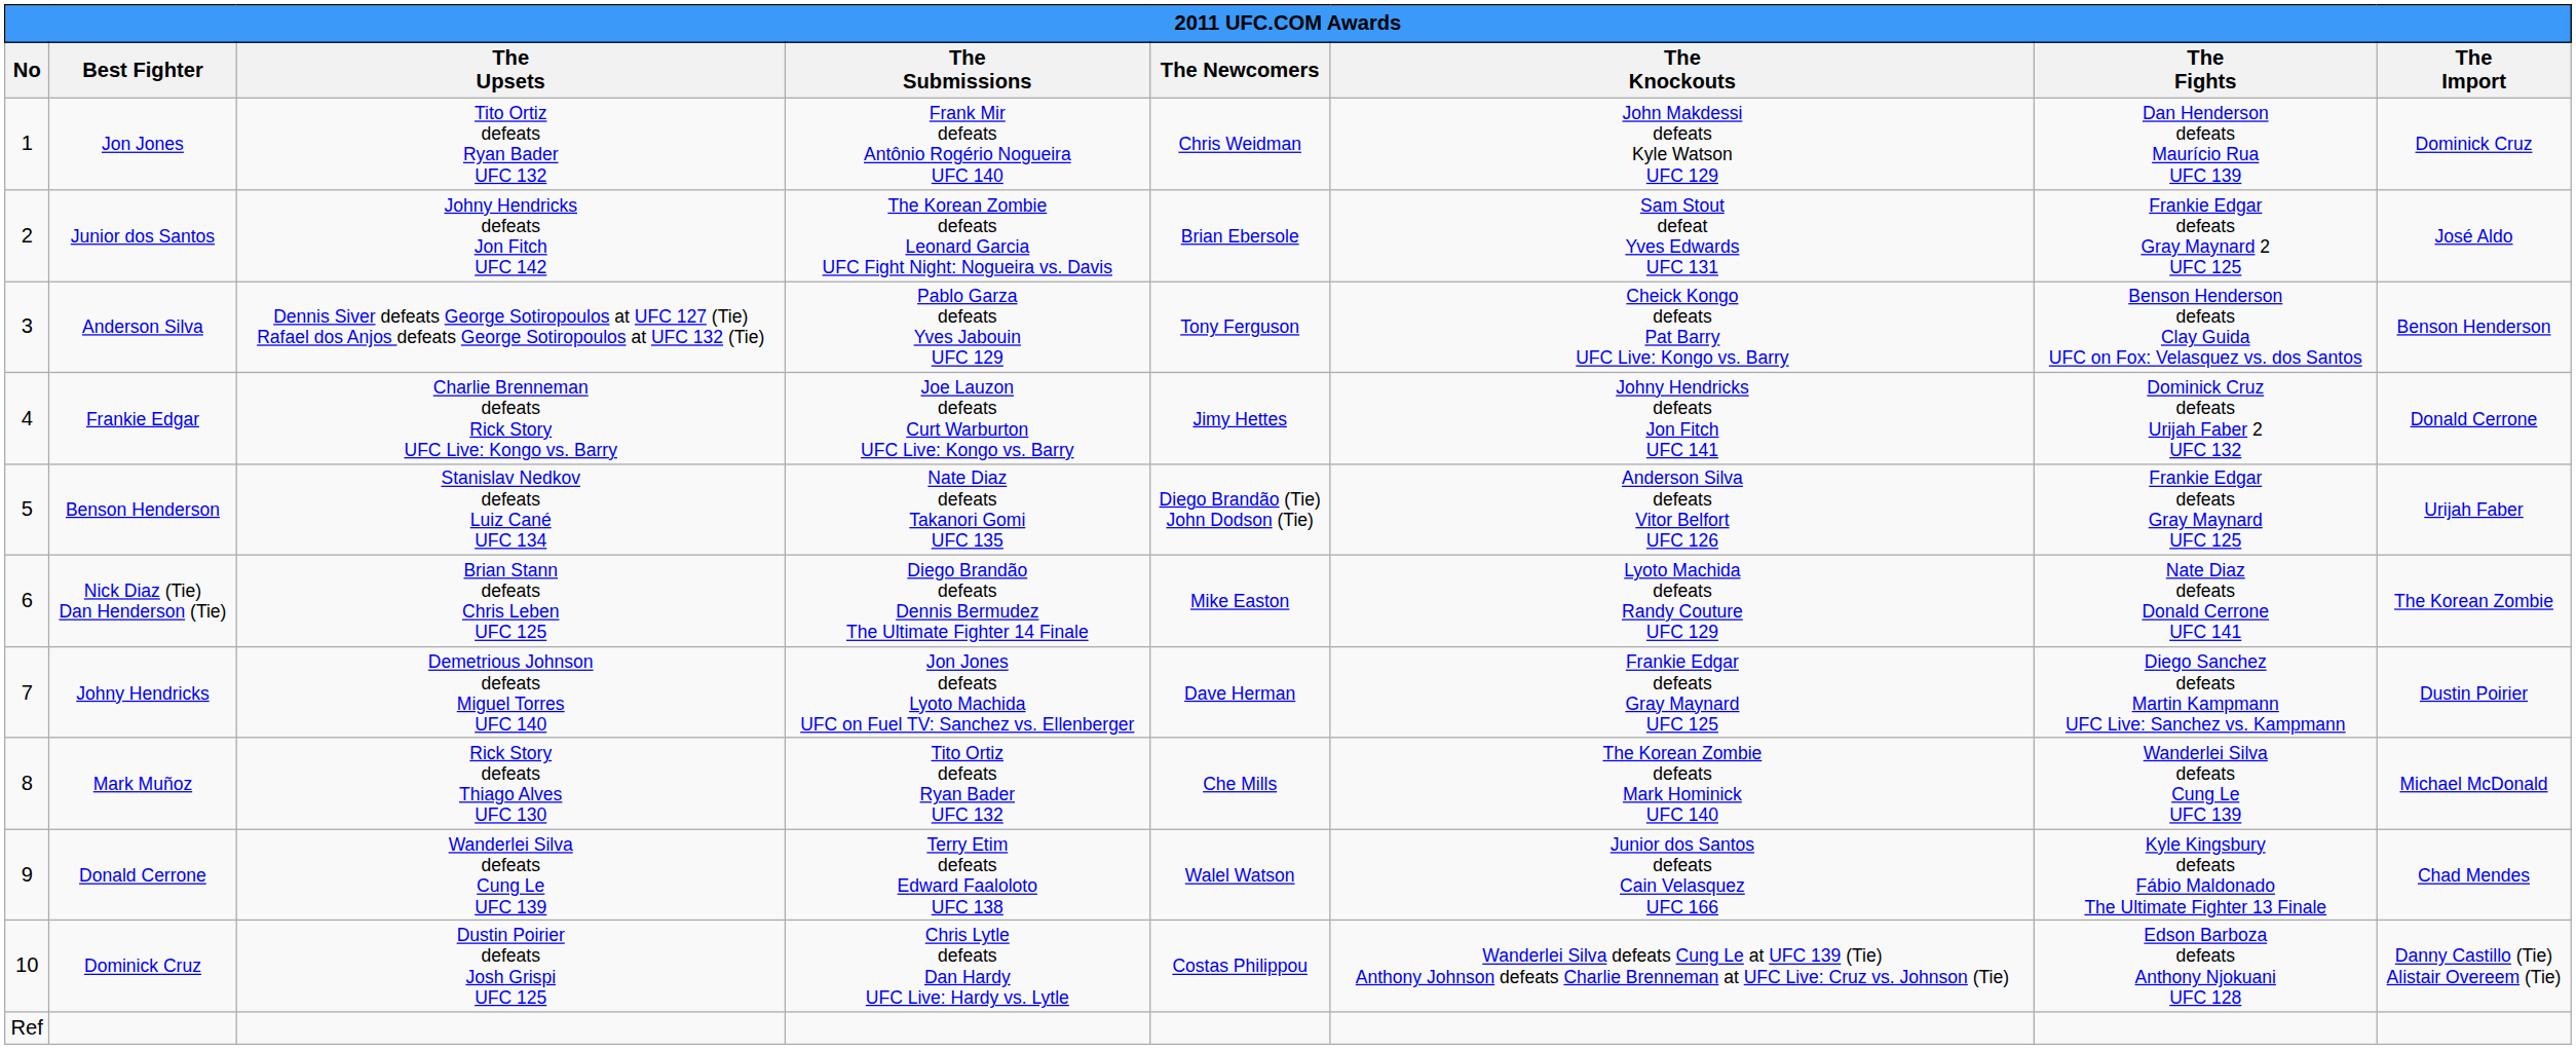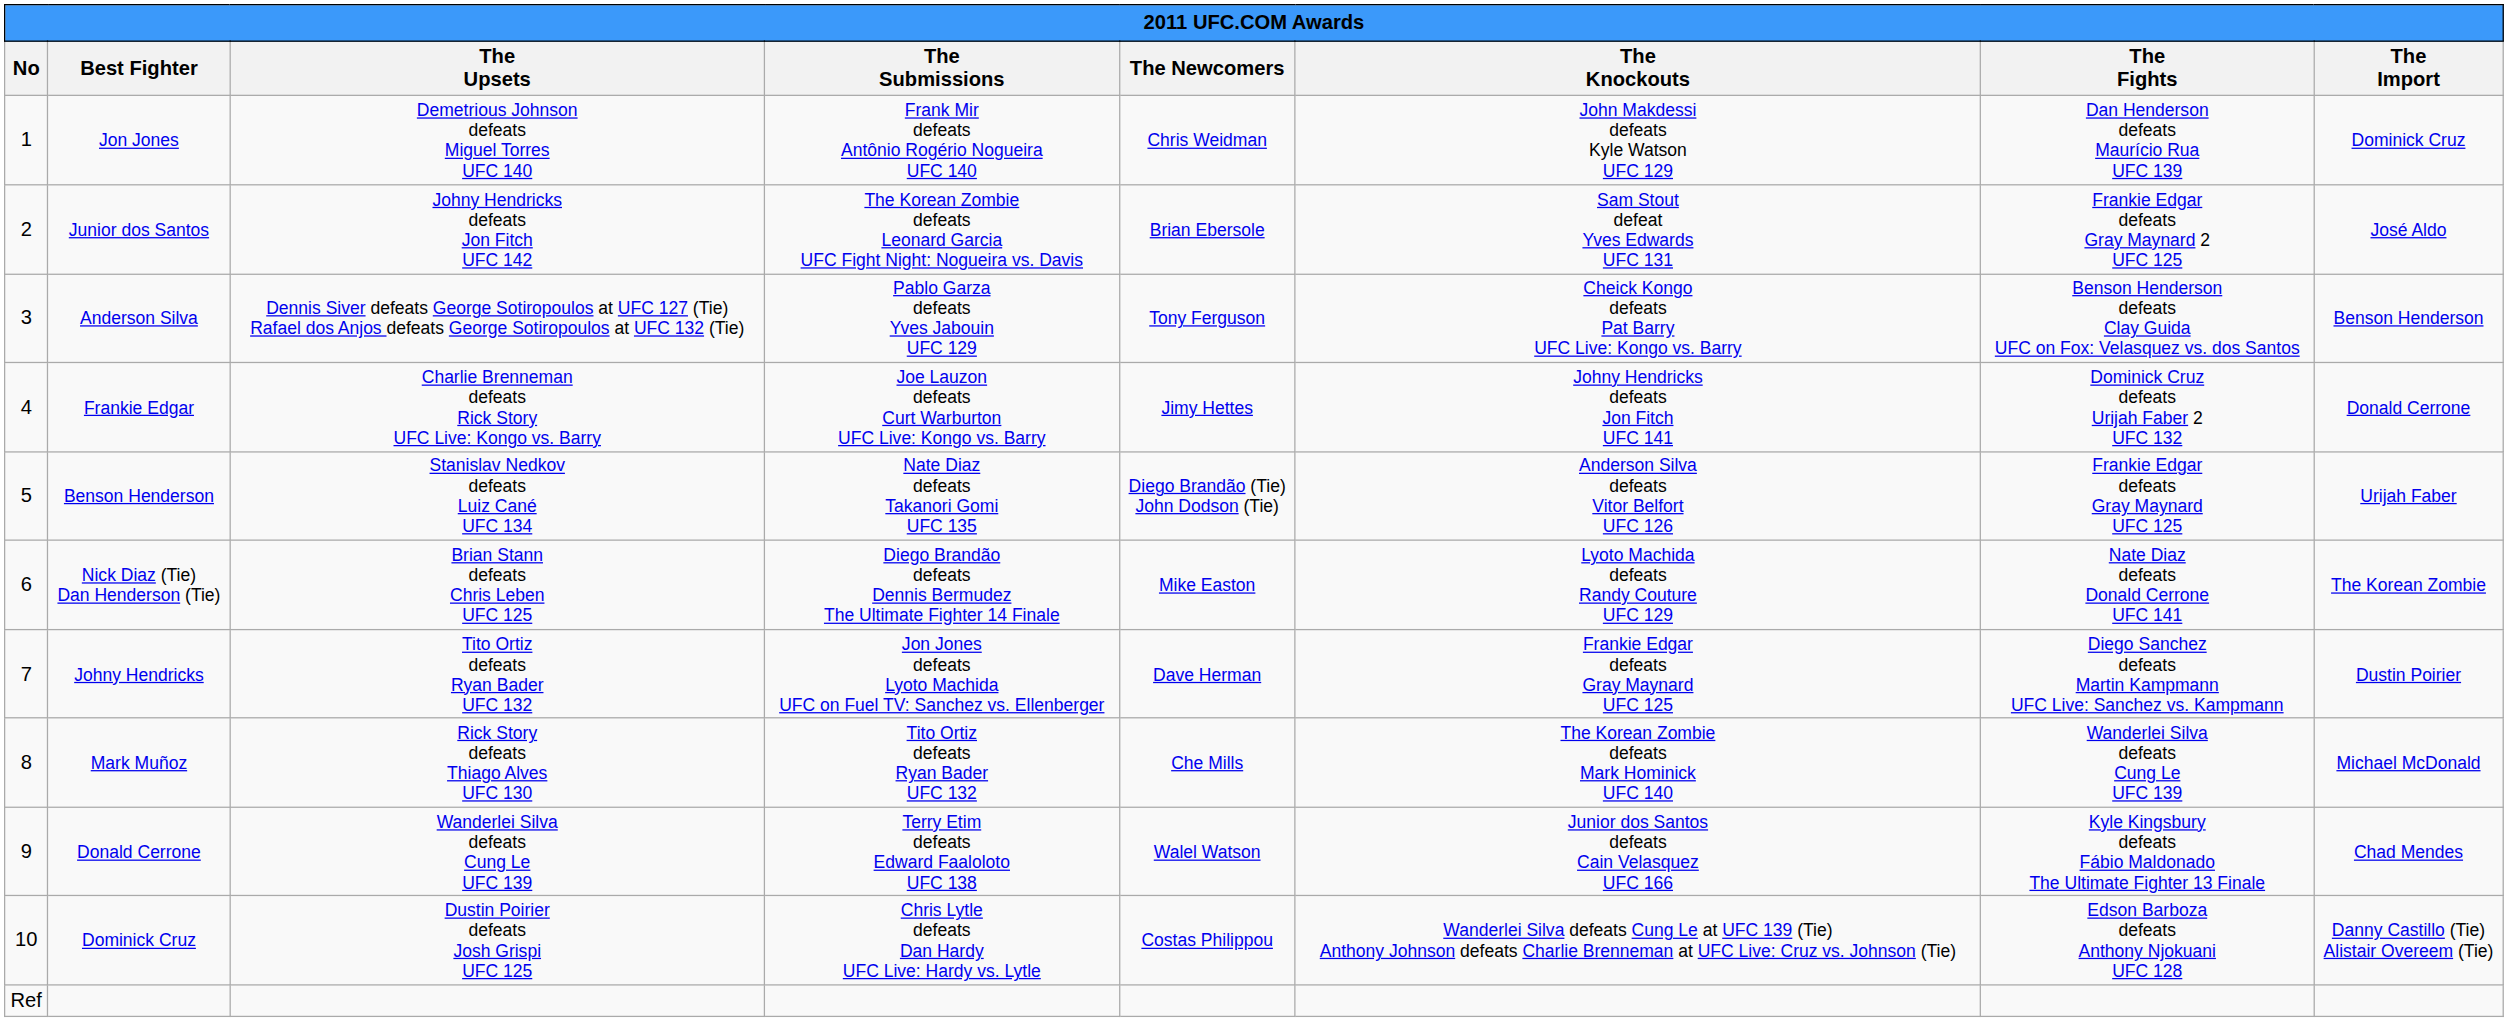 <table class="wikitable" width="100%" style="text-align:Center">
 <tr>
 <th colspan="8" style="border: 1px solid black; padding: 5px; background: #3B99FA;">2011 UFC.COM Awards</th>
 </tr>
 <tr>
 <th>No</th>
 <th>Best Fighter</th>
 <th>The<br>Upsets</th>
 <th>The<br>Submissions</th>
 <th>The Newcomers</th>
 <th>The<br>Knockouts</th>
 <th>The<br>Fights</th>
 <th>The<br>Import</th>
 </tr>
 <tr>
 <td>1</td>
 <td style="font-size:87%"><a href='#'>Jon Jones</a></td>
-<td style="font-size:87%"><a href='#'>Tito Ortiz</a> <br> defeats <br> <a href='#'>Ryan Bader</a> <br> <a href='#'>UFC 132</a></td>
+<td style="font-size:87%"><a href='#'>Demetrious Johnson</a> <br> defeats <br> <a href='#'>Miguel Torres</a> <br> <a href='#'>UFC 140</a></td>
 <td style="font-size:87%"><a href='#'>Frank Mir</a> <br> defeats <br> <a href='#'>Antônio Rogério Nogueira</a> <br> <a href='#'>UFC 140</a></td>
 <td style="font-size:87%"><a href='#'>Chris Weidman</a></td>
 <td style="font-size:87%"><a href='#'>John Makdessi</a> <br> defeats <br> Kyle Watson <br> <a href='#'>UFC 129</a></td>
 <td style="font-size:87%"><a href='#'>Dan Henderson</a> <br> defeats <br> <a href='#'>Maurício Rua</a> <br> <a href='#'>UFC 139</a></td>
 <td style="font-size:87%"><a href='#'>Dominick Cruz</a></td>
 </tr>
 <tr>
 <td>2</td>
 <td style="font-size:87%"><a href='#'>Junior dos Santos</a></td>
 <td style="font-size:87%"><a href='#'>Johny Hendricks</a> <br> defeats  <br> <a href='#'>Jon Fitch</a> <br> <a href='#'>UFC  142</a></td>
 <td style="font-size:87%"><a href='#'>The Korean Zombie</a> <br> defeats <br> <a href='#'>Leonard Garcia</a> <br> <a href='#'>UFC Fight Night: Nogueira vs. Davis</a></td>
 <td style="font-size:87%"><a href='#'>Brian Ebersole</a></td>
 <td style="font-size:87%"><a href='#'>Sam Stout</a> <br> defeat <br> <a href='#'>Yves Edwards</a>  <br> <a href='#'>UFC 131</a></td>
 <td style="font-size:87%"><a href='#'>Frankie Edgar</a> <br> defeats <br> <a href='#'>Gray Maynard</a> 2 <br> <a href='#'>UFC 125</a></td>
 <td style="font-size:87%"><a href='#'>José Aldo</a></td>
 </tr>
 <tr>
 <td>3</td>
 <td style="font-size:87%"><a href='#'>Anderson Silva</a></td>
 <td style="font-size:87%"><a href='#'>Dennis Siver</a> defeats <a href='#'>George Sotiropoulos</a> at <a href='#'>UFC  127</a> (Tie) <br> <a href='#'>Rafael dos Anjos </a> defeats <a href='#'>George Sotiropoulos</a> at <a href='#'>UFC  132</a> (Tie)</td>
 <td style="font-size:87%"><a href='#'>Pablo Garza</a> <br> defeats <br> <a href='#'>Yves Jabouin</a> <br> <a href='#'>UFC  129</a></td>
 <td style="font-size:87%"><a href='#'>Tony Ferguson</a></td>
 <td style="font-size:87%"><a href='#'>Cheick Kongo</a> <br> defeats <br> <a href='#'>Pat Barry</a> <br> <a href='#'>UFC Live: Kongo vs. Barry</a></td>
 <td style="font-size:87%"><a href='#'>Benson Henderson</a> <br> defeats <br> <a href='#'>Clay Guida</a> <br> <a href='#'>UFC on Fox: Velasquez vs. dos Santos</a></td>
 <td style="font-size:87%"><a href='#'>Benson Henderson</a></td>
 </tr>
 <tr>
 <td>4</td>
 <td style="font-size:87%"><a href='#'>Frankie Edgar</a></td>
 <td style="font-size:87%"><a href='#'>Charlie Brenneman</a> <br> defeats <br> <a href='#'>Rick Story</a> <br> <a href='#'>UFC Live: Kongo vs. Barry</a></td>
 <td style="font-size:87%"><a href='#'>Joe Lauzon</a> <br> defeats <br> <a href='#'>Curt Warburton</a> <br> <a href='#'>UFC Live: Kongo vs. Barry</a></td>
 <td style="font-size:87%"><a href='#'>Jimy Hettes</a></td>
 <td style="font-size:87%"><a href='#'>Johny Hendricks</a> <br> defeats <br> <a href='#'>Jon Fitch</a> <br> <a href='#'>UFC 141</a></td>
 <td style="font-size:87%"><a href='#'>Dominick Cruz</a> <br> defeats <br> <a href='#'>Urijah Faber</a> 2 <br> <a href='#'>UFC 132</a></td>
 <td style="font-size:87%"><a href='#'>Donald Cerrone</a></td>
 </tr>
 <tr>
 <td>5</td>
 <td style="font-size:87%"><a href='#'>Benson Henderson</a></td>
 <td style="font-size:87%"><a href='#'>Stanislav Nedkov</a> <br> defeats <br> <a href='#'>Luiz Cané</a> <br> <a href='#'>UFC 134</a></td>
 <td style="font-size:87%"><a href='#'>Nate Diaz</a> <br> defeats <br> <a href='#'>Takanori Gomi</a> <br> <a href='#'>UFC 135</a></td>
 <td style="font-size:87%"><a href='#'>Diego Brandão</a> (Tie) <br> <a href='#'>John Dodson</a> (Tie)</td>
 <td style="font-size:87%"><a href='#'>Anderson Silva</a> <br> defeats <br> <a href='#'>Vitor Belfort</a> <br> <a href='#'>UFC 126</a></td>
 <td style="font-size:87%"><a href='#'>Frankie Edgar</a> <br> defeats <br> <a href='#'>Gray Maynard</a> <br> <a href='#'>UFC 125</a></td>
 <td style="font-size:87%"><a href='#'>Urijah Faber</a></td>
 </tr>
 <tr>
 <td>6</td>
 <td style="font-size:87%"><a href='#'>Nick Diaz</a> (Tie) <br> <a href='#'>Dan Henderson</a> (Tie)</td>
 <td style="font-size:87%"><a href='#'>Brian Stann</a> <br> defeats <br> <a href='#'>Chris Leben</a> <br> <a href='#'>UFC 125</a></td>
 <td style="font-size:87%"><a href='#'>Diego Brandão</a> <br> defeats <br> <a href='#'>Dennis Bermudez</a> <br> <a href='#'>The Ultimate Fighter 14 Finale</a></td>
 <td style="font-size:87%"><a href='#'>Mike Easton</a></td>
 <td style="font-size:87%"><a href='#'>Lyoto Machida</a> <br> defeats <br> <a href='#'>Randy Couture</a> <br> <a href='#'>UFC 129</a></td>
 <td style="font-size:87%"><a href='#'>Nate Diaz</a> <br> defeats <br> <a href='#'>Donald Cerrone</a> <br> <a href='#'>UFC 141</a></td>
 <td style="font-size:87%"><a href='#'>The Korean Zombie</a></td>
 </tr>
 <tr>
 <td>7</td>
 <td style="font-size:87%"><a href='#'>Johny Hendricks</a></td>
-<td style="font-size:87%"><a href='#'>Demetrious Johnson</a> <br> defeats <br> <a href='#'>Miguel Torres</a> <br> <a href='#'>UFC 140</a></td>
+<td style="font-size:87%"><a href='#'>Tito Ortiz</a> <br> defeats <br> <a href='#'>Ryan Bader</a> <br> <a href='#'>UFC 132</a></td>
 <td style="font-size:87%"><a href='#'>Jon Jones</a> <br> defeats <br> <a href='#'>Lyoto Machida</a> <br> <a href='#'>UFC on Fuel TV: Sanchez vs. Ellenberger</a></td>
 <td style="font-size:87%"><a href='#'>Dave Herman</a></td>
 <td style="font-size:87%"><a href='#'>Frankie Edgar</a> <br> defeats <br> <a href='#'>Gray Maynard</a> <br> <a href='#'>UFC 125</a></td>
 <td style="font-size:87%"><a href='#'>Diego Sanchez</a> <br> defeats <br> <a href='#'>Martin Kampmann</a> <br> <a href='#'>UFC Live: Sanchez vs. Kampmann</a></td>
 <td style="font-size:87%"><a href='#'>Dustin Poirier</a></td>
 </tr>
 <tr>
 <td>8</td>
 <td style="font-size:87%"><a href='#'>Mark Muñoz</a></td>
 <td style="font-size:87%"><a href='#'>Rick Story</a> <br> defeats <br> <a href='#'>Thiago Alves</a> <br> <a href='#'>UFC 130</a></td>
 <td style="font-size:87%"><a href='#'>Tito Ortiz</a> <br> defeats <br> <a href='#'>Ryan Bader</a> <br> <a href='#'>UFC 132</a></td>
 <td style="font-size:87%"><a href='#'>Che Mills</a></td>
 <td style="font-size:87%"><a href='#'>The Korean Zombie</a> <br> defeats <br> <a href='#'>Mark Hominick</a> <br> <a href='#'>UFC 140</a></td>
 <td style="font-size:87%"><a href='#'>Wanderlei Silva</a> <br> defeats <br> <a href='#'>Cung Le</a> <br> <a href='#'>UFC 139</a></td>
 <td style="font-size:87%"><a href='#'>Michael McDonald</a></td>
 </tr>
 <tr>
 <td>9</td>
 <td style="font-size:87%"><a href='#'>Donald Cerrone</a></td>
 <td style="font-size:87%"><a href='#'>Wanderlei Silva</a> <br> defeats <br>  <a href='#'>Cung Le</a> <br> <a href='#'>UFC 139</a></td>
 <td style="font-size:87%"><a href='#'>Terry Etim</a> <br> defeats <br> <a href='#'>Edward Faaloloto</a> <br> <a href='#'>UFC 138</a></td>
 <td style="font-size:87%"><a href='#'>Walel Watson</a></td>
 <td style="font-size:87%"><a href='#'>Junior dos Santos</a> <br> defeats <br> <a href='#'>Cain Velasquez</a> <br> <a href='#'>UFC 166</a></td>
 <td style="font-size:87%"><a href='#'>Kyle Kingsbury</a> <br> defeats <br> <a href='#'>Fábio Maldonado</a> <br> <a href='#'>The Ultimate Fighter 13 Finale</a></td>
 <td style="font-size:87%"><a href='#'>Chad Mendes</a></td>
 </tr>
 <tr>
 <td>10</td>
 <td style="font-size:87%"><a href='#'>Dominick Cruz</a></td>
 <td style="font-size:87%"><a href='#'>Dustin Poirier</a> <br> defeats <br> <a href='#'>Josh Grispi</a>   <br> <a href='#'>UFC 125</a></td>
 <td style="font-size:87%"><a href='#'>Chris Lytle</a> <br> defeats <br> <a href='#'>Dan Hardy</a> <br> <a href='#'>UFC Live: Hardy vs. Lytle</a></td>
 <td style="font-size:87%"><a href='#'>Costas Philippou</a></td>
 <td style="font-size:87%"><a href='#'>Wanderlei Silva</a> defeats <a href='#'>Cung Le</a> at <a href='#'>UFC 139</a> (Tie) <br> <a href='#'>Anthony Johnson</a> defeats <a href='#'>Charlie Brenneman</a> at <a href='#'>UFC Live: Cruz vs. Johnson</a> (Tie)</td>
 <td style="font-size:87%"><a href='#'>Edson Barboza</a> <br> defeats <br> <a href='#'>Anthony Njokuani</a> <br> <a href='#'>UFC 128</a></td>
 <td style="font-size:87%"><a href='#'>Danny Castillo</a> (Tie) <br> <a href='#'>Alistair Overeem</a> (Tie)</td>
 </tr>
 <tr>
 <td>Ref</td>
 <td></td>
 <td></td>
 <td></td>
 <td></td>
 <td></td>
 <td></td>
 <td></td>
 </tr>
 </table>
